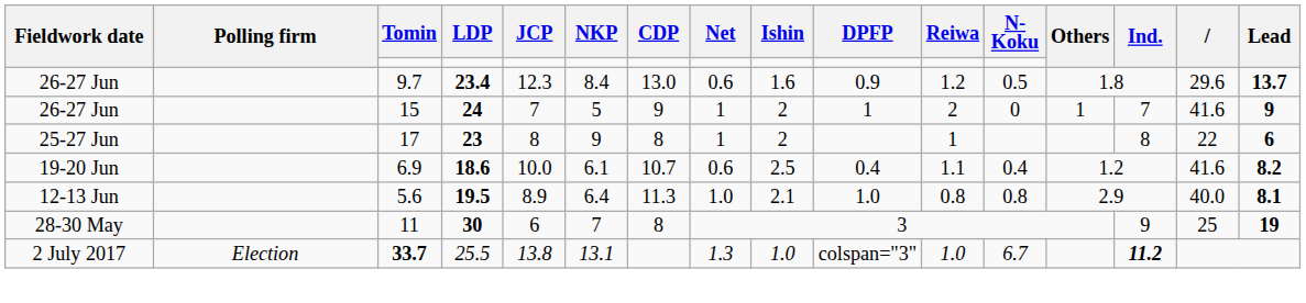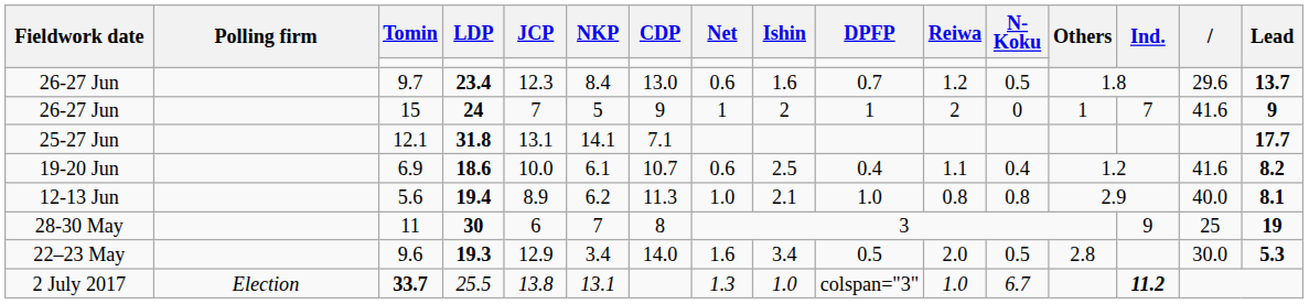 <table class="wikitable" style="text-align:center;font-size:90%;line-height:14px;">
 <tr style="height:38px;">
 <th class="unsortable" rowspan="2" width=100px>Fieldwork date</th>
 <th class="unsortable" rowspan="2" width=155px>Polling firm</th>
 <th class="unsortable" width=38px><a href='#'>Tomin</a></th>
 <th class="unsortable" width=38px><a href='#'>LDP</a></th>
 <th class="unsortable" width=38px><a href='#'>JCP</a></th>
 <th class="unsortable" width=38px><a href='#'>NKP</a></th>
 <th class="unsortable" width=38px><a href='#'>CDP</a></th>
 <th class="unsortable" width=38px><a href='#'>Net</a></th>
 <th class="unsortable" width=38px><a href='#'>Ishin</a></th>
 <th class="unsortable" width=38px><a href='#'>DPFP</a></th>
 <th class="unsortable" width=38px><a href='#'>Reiwa</a></th>
 <th class="unsortable" width=38px><a href='#'>N-Koku</a></th>
 <th rowspan="2" class="unsortable" width="38px">Others</th>
 <th rowspan="2" class="unsortable" width="38px"><a href='#'>Ind.</a></th>
 <th class="unsortable" width=38px rowspan=2>/<br></th>
 <th class="unsortable" width=38px rowspan=2>Lead</th>
 </tr>
 <tr>
 <td style="background-color: "></td>
 <td style="background-color: "></td>
 <td style="background-color: "></td>
 <td style="background-color: "></td>
 <td style="background-color: "></td>
 <td style="background-color: "></td>
 <td style="background-color: "></td>
 <td style="background-color: "></td>
 <td style="background-color: "></td>
 <td style="background-color: "></td>
 </tr>
 <tr>
 <td>26-27 Jun</td>
 <td></td>
 <td>9.7</td>
 <td><strong>23.4</strong></td>
 <td>12.3</td>
 <td>8.4</td>
 <td>13.0</td>
 <td>0.6</td>
 <td>1.6</td>
-<td>0.9</td>
+<td>0.7</td>
 <td>1.2</td>
 <td>0.5</td>
 <td colspan="2">1.8</td>
 <td>29.6</td>
 <td style="background:"><strong>13.7</strong></td>
 </tr>
 <tr>
 <td>26-27 Jun</td>
 <td></td>
 <td>15</td>
 <td><strong>24</strong></td>
 <td>7</td>
 <td>5</td>
 <td>9</td>
 <td>1</td>
 <td>2</td>
 <td>1</td>
 <td>2</td>
 <td>0</td>
 <td>1</td>
 <td>7</td>
 <td>41.6</td>
 <td style="background:"><strong>9</strong></td>
 </tr>
 <tr>
 <td>25-27 Jun</td>
 <td></td>
-<td>17</td>
-<td><strong>23</strong></td>
-<td>8</td>
-<td>9</td>
-<td>8</td>
-<td>1</td>
-<td>2</td>
-<td></td>
-<td>1</td>
+<td>12.1</td>
+<td><strong>31.8</strong></td>
+<td>13.1</td>
+<td>14.1</td>
+<td>7.1</td>
 <td></td>
 <td></td>
-<td>8</td>
-<td>22</td>
-<td style="background:"><strong>6</strong></td>
+<td></td>
+<td></td>
+<td></td>
+<td></td>
+<td></td>
+<td></td>
+<td style="background:"><strong>17.7</strong></td>
 </tr>
 <tr>
 <td>19-20 Jun</td>
 <td></td>
 <td>6.9</td>
 <td><strong>18.6</strong></td>
 <td>10.0</td>
 <td>6.1</td>
 <td>10.7</td>
 <td>0.6</td>
 <td>2.5</td>
 <td>0.4</td>
 <td>1.1</td>
 <td>0.4</td>
 <td colspan="2">1.2</td>
 <td>41.6</td>
 <td style="background:"><strong>8.2</strong></td>
 </tr>
 <tr>
 <td>12-13 Jun</td>
 <td></td>
 <td>5.6</td>
-<td><strong>19.5</strong></td>
+<td><strong>19.4</strong></td>
 <td>8.9</td>
-<td>6.4</td>
+<td>6.2</td>
 <td>11.3</td>
 <td>1.0</td>
 <td>2.1</td>
 <td>1.0</td>
 <td>0.8</td>
 <td>0.8</td>
 <td colspan="2">2.9</td>
 <td>40.0</td>
 <td style="background:"><strong>8.1</strong></td>
 </tr>
 <tr>
 <td>28-30 May</td>
 <td></td>
 <td>11</td>
 <td><strong>30</strong></td>
 <td>6</td>
 <td>7</td>
 <td>8</td>
 <td colspan="6">3</td>
 <td>9</td>
 <td>25</td>
 <td style="background:"><strong>19</strong></td>
 </tr>
 <tr>
+<td>22–23 May</td>
+<td></td>
+<td>9.6</td>
+<td><strong>19.3</strong></td>
+<td>12.9</td>
+<td>3.4</td>
+<td>14.0</td>
+<td>1.6</td>
+<td>3.4</td>
+<td>0.5</td>
+<td>2.0</td>
+<td>0.5</td>
+<td>2.8</td>
+<td></td>
+<td>30.0</td>
+<td style="background:"><strong>5.3</strong></td>
+</tr>
+<tr>
 <td>2 July 2017</td>
 <td><em>Election</em></td>
 <td style="background:"><strong>33.7</strong></td>
 <td><em>25.5</em></td>
 <td><em>13.8</em></td>
 <td><em>13.1</em></td>
 <td><em></em></td>
 <td><em>1.3</em></td>
 <td><em>1.0</em></td>
 <td>colspan="3" <em></em></td>
 <td><em>1.0</em></td>
 <td><em>6.7</em></td>
 <td></td>
 <td style="background:"><strong><em>11.2</em></strong></td>
 </tr>
 </table>
